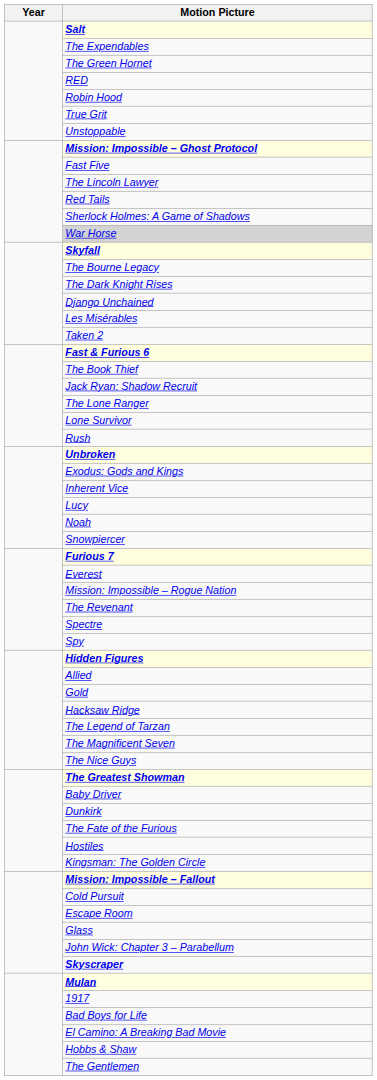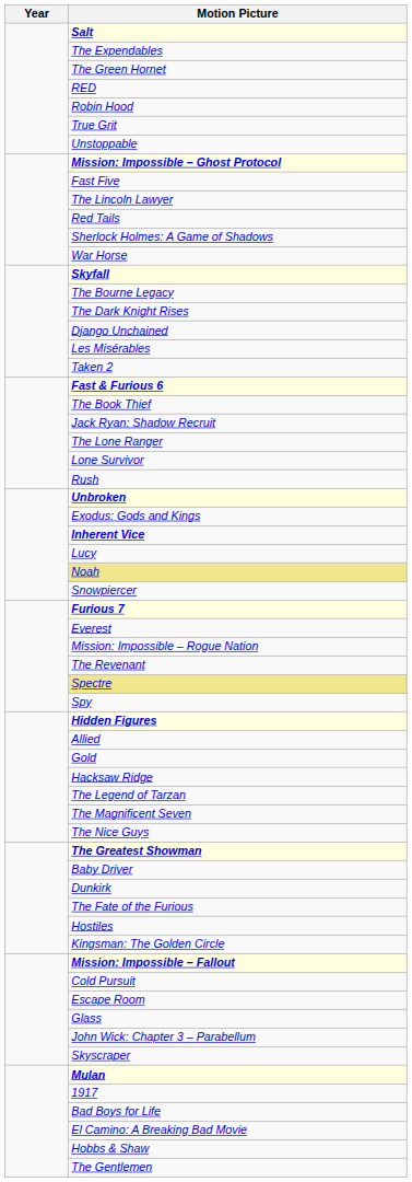 <table class="wikitable" width="550px" border="1" cellpadding="5" cellspacing="0" align="centre">
 <tr>
 <th width="80px">Year</th>
 <th>Motion Picture</th>
 </tr>
 <tr>
 <td rowspan=7></td>
 <td style="background:lightyellow"><strong><em><a href='#'>Salt</a></em></strong></td>
 </tr>
 <tr>
 <td><em><a href='#'>The Expendables</a></em></td>
 </tr>
 <tr>
 <td><em><a href='#'>The Green Hornet</a></em></td>
 </tr>
 <tr>
 <td><em><a href='#'>RED</a></em></td>
 </tr>
 <tr>
 <td><em><a href='#'>Robin Hood</a></em></td>
 </tr>
 <tr>
 <td><em><a href='#'>True Grit</a></em></td>
 </tr>
 <tr>
 <td><em><a href='#'>Unstoppable</a></em></td>
 </tr>
 <tr>
 <td rowspan=6></td>
 <td style="background:lightyellow"><strong><em><a href='#'>Mission: Impossible – Ghost Protocol</a></em></strong></td>
 </tr>
 <tr>
 <td><em><a href='#'>Fast Five</a></em></td>
 </tr>
 <tr>
 <td><em><a href='#'>The Lincoln Lawyer</a></em></td>
 </tr>
 <tr>
 <td><em><a href='#'>Red Tails</a></em></td>
 </tr>
 <tr>
 <td><em><a href='#'>Sherlock Holmes: A Game of Shadows</a></em></td>
 </tr>
 <tr>
-<td style="background: lightgrey;"><em><a href='#'>War Horse</a></em></td>
+<td><em><a href='#'>War Horse</a></em></td>
 </tr>
 <tr>
 <td rowspan=6></td>
 <td style="background:lightyellow"><strong><em><a href='#'>Skyfall</a></em></strong></td>
 </tr>
 <tr>
 <td><em><a href='#'>The Bourne Legacy</a></em></td>
 </tr>
 <tr>
 <td><em><a href='#'>The Dark Knight Rises</a></em></td>
 </tr>
 <tr>
 <td><em><a href='#'>Django Unchained</a></em></td>
 </tr>
 <tr>
 <td><em><a href='#'>Les Misérables</a></em></td>
 </tr>
 <tr>
 <td><em><a href='#'>Taken 2</a></em></td>
 </tr>
 <tr>
 <td rowspan=6></td>
 <td style="background:lightyellow"><strong><em><a href='#'>Fast & Furious 6</a></em></strong></td>
 </tr>
 <tr>
 <td><em><a href='#'>The Book Thief</a></em></td>
 </tr>
 <tr>
 <td><em><a href='#'>Jack Ryan: Shadow Recruit</a></em></td>
 </tr>
 <tr>
 <td><em><a href='#'>The Lone Ranger</a></em></td>
 </tr>
 <tr>
 <td><em><a href='#'>Lone Survivor</a></em></td>
 </tr>
 <tr>
 <td><em><a href='#'>Rush</a></em></td>
 </tr>
 <tr>
 <td rowspan=6></td>
 <td style="background:lightyellow"><strong><em><a href='#'>Unbroken</a></em></strong></td>
 </tr>
 <tr>
 <td><em><a href='#'>Exodus: Gods and Kings</a></em></td>
 </tr>
 <tr>
-<td><em><a href='#'>Inherent Vice</a></em></td>
+<td><strong><em><a href='#'>Inherent Vice</a></em></strong></td>
 </tr>
 <tr>
 <td><em><a href='#'>Lucy</a></em></td>
 </tr>
 <tr>
-<td><em><a href='#'>Noah</a></em></td>
+<td style="background: khaki;"><em><a href='#'>Noah</a></em></td>
 </tr>
 <tr>
 <td><em><a href='#'>Snowpiercer</a></em></td>
 </tr>
 <tr>
 <td rowspan=6></td>
 <td style="background:lightyellow"><strong><em><a href='#'>Furious 7</a></em></strong></td>
 </tr>
 <tr>
 <td><em><a href='#'>Everest</a></em></td>
 </tr>
 <tr>
 <td><em><a href='#'>Mission: Impossible – Rogue Nation</a></em></td>
 </tr>
 <tr>
 <td><em><a href='#'>The Revenant</a></em></td>
 </tr>
 <tr>
-<td><em><a href='#'>Spectre</a></em></td>
+<td style="background: khaki;"><em><a href='#'>Spectre</a></em></td>
 </tr>
 <tr>
 <td><em><a href='#'>Spy</a></em></td>
 </tr>
 <tr>
 <td rowspan=7></td>
 <td style="background:lightyellow"><strong><em><a href='#'>Hidden Figures</a></em></strong></td>
 </tr>
 <tr>
 <td><em><a href='#'>Allied</a></em></td>
 </tr>
 <tr>
 <td><em><a href='#'>Gold</a></em></td>
 </tr>
 <tr>
 <td><em><a href='#'>Hacksaw Ridge</a></em></td>
 </tr>
 <tr>
 <td><em><a href='#'>The Legend of Tarzan</a></em></td>
 </tr>
 <tr>
 <td><em><a href='#'>The Magnificent Seven</a></em></td>
 </tr>
 <tr>
 <td><em><a href='#'>The Nice Guys</a></em></td>
 </tr>
 <tr>
 <td rowspan=6></td>
 <td style="background:lightyellow"><strong><em><a href='#'>The Greatest Showman</a></em></strong></td>
 </tr>
 <tr>
 <td><em><a href='#'>Baby Driver</a></em></td>
 </tr>
 <tr>
 <td><em><a href='#'>Dunkirk</a></em></td>
 </tr>
 <tr>
 <td><em><a href='#'>The Fate of the Furious</a></em></td>
 </tr>
 <tr>
 <td><em><a href='#'>Hostiles</a></em></td>
 </tr>
 <tr>
 <td><em><a href='#'>Kingsman: The Golden Circle</a></em></td>
 </tr>
 <tr>
 <td rowspan="6"></td>
 <td style="background:lightyellow"><strong><em><a href='#'>Mission: Impossible – Fallout</a></em></strong></td>
 </tr>
 <tr>
 <td><em><a href='#'>Cold Pursuit</a></em></td>
 </tr>
 <tr>
 <td><em><a href='#'>Escape Room</a></em></td>
 </tr>
 <tr>
 <td><em><a href='#'>Glass</a></em></td>
 </tr>
 <tr>
 <td><em><a href='#'>John Wick: Chapter 3 – Parabellum</a></em></td>
 </tr>
 <tr>
-<td><strong><em><a href='#'>Skyscraper</a></em></strong></td>
+<td><em><a href='#'>Skyscraper</a></em></td>
 </tr>
 <tr>
 <td rowspan="6"></td>
 <td style="background:lightyellow"><strong><em><a href='#'>Mulan</a></em></strong></td>
 </tr>
 <tr>
 <td><em><a href='#'>1917</a></em></td>
 </tr>
 <tr>
 <td><em><a href='#'>Bad Boys for Life</a></em></td>
 </tr>
 <tr>
 <td><em><a href='#'>El Camino: A Breaking Bad Movie</a></em></td>
 </tr>
 <tr>
 <td><em><a href='#'>Hobbs & Shaw</a></em></td>
 </tr>
 <tr>
 <td><em><a href='#'>The Gentlemen</a></em></td>
 </tr>
 </table>
